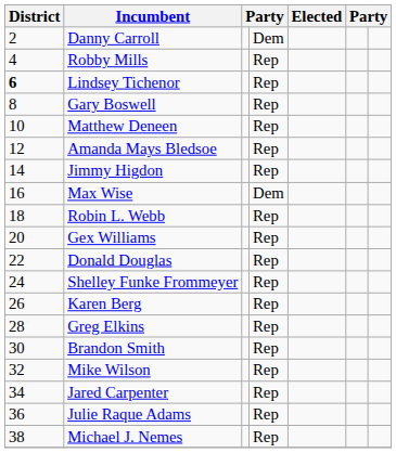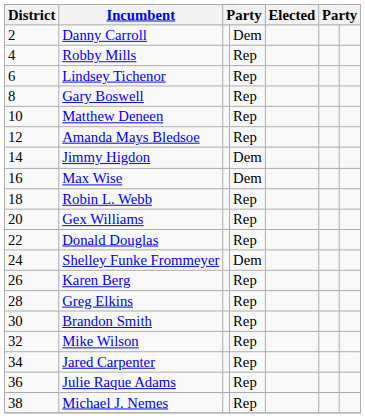 <table class="sortable wikitable" style="font-size:95%;line-height:14px;">
 <tr>
 <th class="unsortable">District</th>
 <th class="unsortable"><a href='#'>Incumbent</a></th>
 <th colspan="2">Party</th>
 <th class="unsortable">Elected</th>
 <th colspan="2">Party</th>
 </tr>
 <tr>
 <td>2</td>
 <td><a href='#'>Danny Carroll</a></td>
 <td style="background:"></td>
 <td>Dem</td>
 <td></td>
 <td></td>
 <td></td>
 </tr>
 <tr>
 <td>4</td>
 <td><a href='#'>Robby Mills</a></td>
 <td style="background:"></td>
 <td>Rep</td>
 <td></td>
 <td></td>
 <td></td>
 </tr>
 <tr>
-<td><strong>6</strong></td>
+<td>6</td>
 <td><a href='#'>Lindsey Tichenor</a></td>
 <td style="background:"></td>
 <td>Rep</td>
 <td></td>
 <td></td>
 <td></td>
 </tr>
 <tr>
 <td>8</td>
 <td><a href='#'>Gary Boswell</a></td>
 <td style="background:"></td>
 <td>Rep</td>
 <td></td>
 <td></td>
 <td></td>
 </tr>
 <tr>
 <td>10</td>
 <td><a href='#'>Matthew Deneen</a></td>
 <td style="background:"></td>
 <td>Rep</td>
 <td></td>
 <td></td>
 <td></td>
 </tr>
 <tr>
 <td>12</td>
 <td><a href='#'>Amanda Mays Bledsoe</a></td>
 <td style="background:"></td>
 <td>Rep</td>
 <td></td>
 <td></td>
 <td></td>
 </tr>
 <tr>
 <td>14</td>
 <td><a href='#'>Jimmy Higdon</a></td>
 <td style="background:"></td>
-<td>Rep</td>
+<td>Dem</td>
 <td></td>
 <td></td>
 <td></td>
 </tr>
 <tr>
 <td>16</td>
 <td><a href='#'>Max Wise</a></td>
 <td style="background:"></td>
 <td>Dem</td>
 <td></td>
 <td></td>
 <td></td>
 </tr>
 <tr>
 <td>18</td>
 <td><a href='#'>Robin L. Webb</a></td>
 <td style="background:"></td>
 <td>Rep</td>
 <td></td>
 <td></td>
 <td></td>
 </tr>
 <tr>
 <td>20</td>
 <td><a href='#'>Gex Williams</a></td>
 <td style="background:"></td>
 <td>Rep</td>
 <td></td>
 <td></td>
 <td></td>
 </tr>
 <tr>
 <td>22</td>
 <td><a href='#'>Donald Douglas</a></td>
 <td style="background:"></td>
 <td>Rep</td>
 <td></td>
 <td></td>
 <td></td>
 </tr>
 <tr>
 <td>24</td>
 <td><a href='#'>Shelley Funke Frommeyer</a></td>
 <td style="background:"></td>
-<td>Rep</td>
+<td>Dem</td>
 <td></td>
 <td></td>
 <td></td>
 </tr>
 <tr>
 <td>26</td>
 <td><a href='#'>Karen Berg</a></td>
 <td style="background:"></td>
 <td>Rep</td>
 <td></td>
 <td></td>
 <td></td>
 </tr>
 <tr>
 <td>28</td>
 <td><a href='#'>Greg Elkins</a></td>
 <td style="background:"></td>
 <td>Rep</td>
 <td></td>
 <td></td>
 <td></td>
 </tr>
 <tr>
 <td>30</td>
 <td><a href='#'>Brandon Smith</a></td>
 <td style="background:"></td>
 <td>Rep</td>
 <td></td>
 <td></td>
 <td></td>
 </tr>
 <tr>
 <td>32</td>
 <td><a href='#'>Mike Wilson</a></td>
 <td style="background:"></td>
 <td>Rep</td>
 <td></td>
 <td></td>
 <td></td>
 </tr>
 <tr>
 <td>34</td>
 <td><a href='#'>Jared Carpenter</a></td>
 <td style="background:"></td>
 <td>Rep</td>
 <td></td>
 <td></td>
 <td></td>
 </tr>
 <tr>
 <td>36</td>
 <td><a href='#'>Julie Raque Adams</a></td>
 <td style="background:"></td>
 <td>Rep</td>
 <td></td>
 <td></td>
 <td></td>
 </tr>
 <tr>
 <td>38</td>
 <td><a href='#'>Michael J. Nemes</a></td>
 <td style="background:"></td>
 <td>Rep</td>
 <td></td>
 <td></td>
 <td></td>
 </tr>
 <tr>
 </tr>
 </table>
